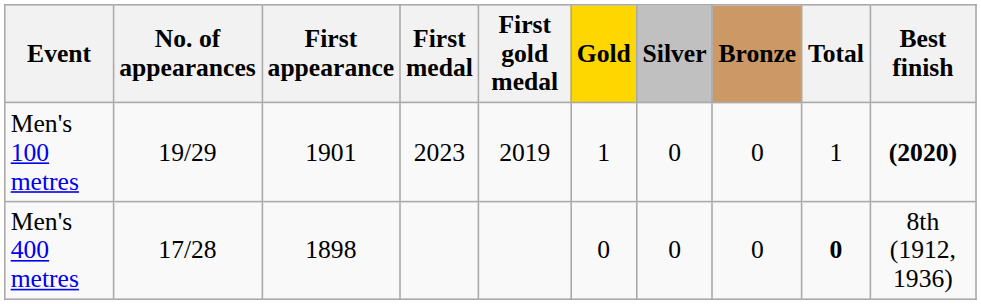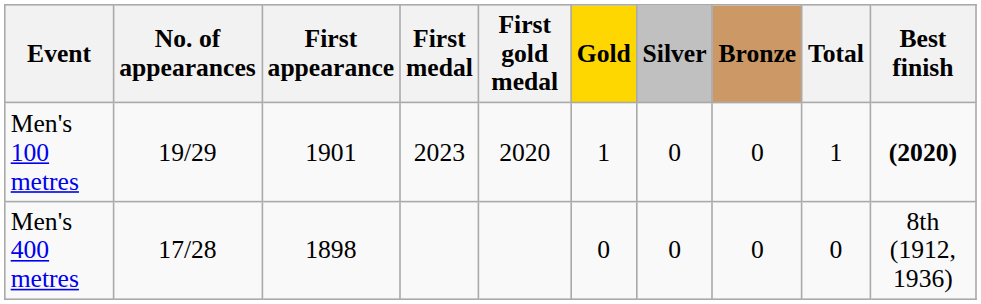 <table class="wikitable sortable" style="text-align:center">
 <tr>
 <th>Event</th>
 <th>No. of<br>appearances</th>
 <th>First<br>appearance</th>
 <th>First<br>medal</th>
 <th>First<br>gold medal</th>
 <th style="background-color:gold;">Gold</th>
 <th style="background-color:silver;">Silver</th>
 <th style="background-color:#c96;">Bronze</th>
 <th>Total</th>
 <th>Best finish</th>
 </tr>
 <tr>
 <td align=left>Men's <a href='#'>100 metres</a></td>
 <td>19/29</td>
 <td>1901</td>
 <td>2023</td>
-<td>2019</td>
+<td>2020</td>
 <td>1</td>
 <td>0</td>
 <td>0</td>
 <td>1</td>
 <td><strong> (2020)</strong></td>
 </tr>
 <tr>
 <td align=left>Men's <a href='#'>400 metres</a></td>
 <td>17/28</td>
 <td>1898</td>
 <td></td>
 <td></td>
 <td>0</td>
 <td>0</td>
 <td>0</td>
-<td><strong>0</strong></td>
+<td>0</td>
 <td>8th (1912, 1936)</td>
 </tr>
 </table>
